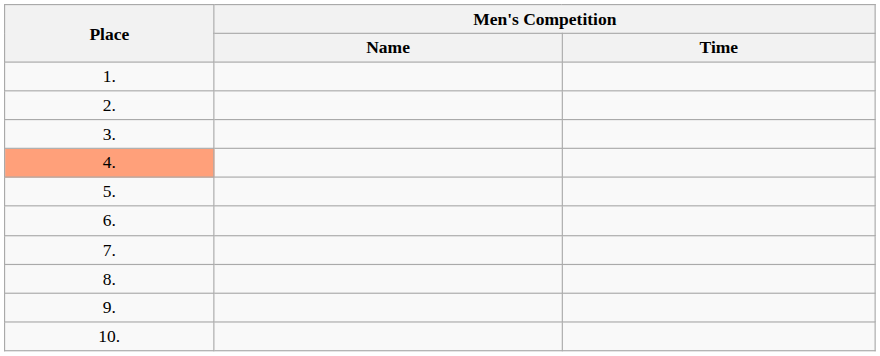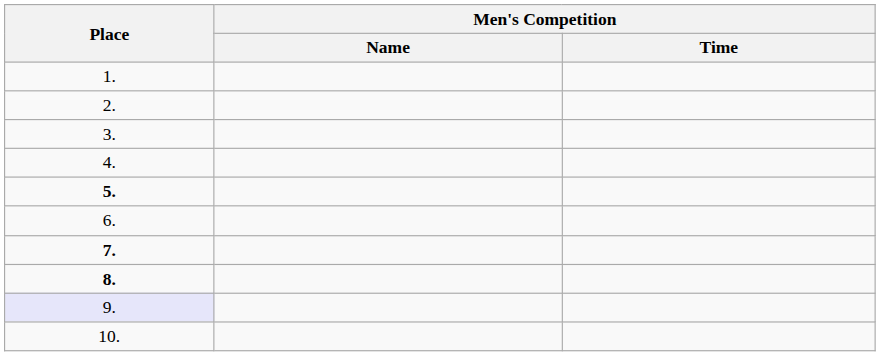 <table class=wikitable style="font-size:95%" width="60%">
 <tr>
 <th rowspan="2">Place</th>
 <th colspan="2">Men's Competition</th>
 </tr>
 <tr>
 <th>Name</th>
 <th>Time</th>
 </tr>
 <tr>
 <td align="center">1.</td>
 <td></td>
 <td></td>
 </tr>
 <tr>
 <td align="center">2.</td>
 <td></td>
 <td></td>
 </tr>
 <tr>
 <td align="center">3.</td>
 <td></td>
 <td></td>
 </tr>
 <tr>
-<td align="center" style="background: lightsalmon;">4.</td>
+<td align="center">4.</td>
 <td></td>
 <td></td>
 </tr>
 <tr>
-<td align="center">5.</td>
+<td align="center"><strong>5.</strong></td>
 <td></td>
 <td></td>
 </tr>
 <tr>
 <td align="center">6.</td>
 <td></td>
 <td></td>
 </tr>
 <tr>
-<td align="center">7.</td>
+<td align="center"><strong>7.</strong></td>
 <td></td>
 <td></td>
 </tr>
 <tr>
-<td align="center">8.</td>
+<td align="center"><strong>8.</strong></td>
 <td></td>
 <td></td>
 </tr>
 <tr>
-<td align="center">9.</td>
+<td align="center" style="background: lavender;">9.</td>
 <td></td>
 <td></td>
 </tr>
 <tr>
 <td align="center">10.</td>
 <td></td>
 <td></td>
 </tr>
 </table>
